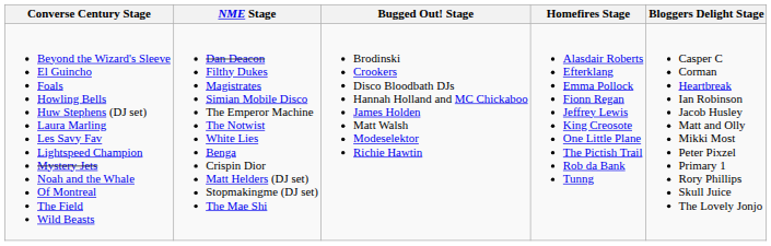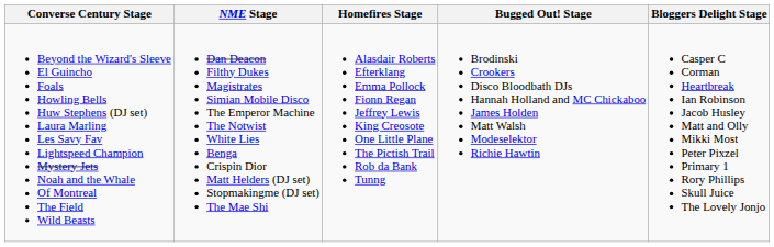 <table class="wikitable">
 <tr>
 <th>Converse Century Stage</th>
 <th><em><a href='#'>NME</a></em> Stage</th>
+<th>Homefires Stage</th>
 <th>Bugged Out! Stage</th>
-<th>Homefires Stage</th>
 <th>Bloggers Delight Stage</th>
 </tr>
 <tr valign="top">
 <td><br><ul><li><a href='#'>Beyond the Wizard's Sleeve</a></li><li><a href='#'>El Guincho</a></li><li><a href='#'>Foals</a></li><li><a href='#'>Howling Bells</a></li><li><a href='#'>Huw Stephens</a> (DJ set)</li><li><a href='#'>Laura Marling</a></li><li><a href='#'>Les Savy Fav</a></li><li><a href='#'>Lightspeed Champion</a></li><li><s><a href='#'>Mystery Jets</a></s></li><li><a href='#'>Noah and the Whale</a></li><li><a href='#'>Of Montreal</a></li><li><a href='#'>The Field</a></li><li><a href='#'>Wild Beasts</a></li></ul></td>
 <td><br><ul><li><s><a href='#'>Dan Deacon</a></s></li><li><a href='#'>Filthy Dukes</a></li><li><a href='#'>Magistrates</a></li><li><a href='#'>Simian Mobile Disco</a></li><li>The Emperor Machine</li><li><a href='#'>The Notwist</a></li><li><a href='#'>White Lies</a></li><li><a href='#'>Benga</a></li><li>Crispin Dior</li><li><a href='#'>Matt Helders</a> (DJ set)</li><li>Stopmakingme (DJ set)</li><li><a href='#'>The Mae Shi</a></li></ul></td>
+<td><br><ul><li><a href='#'>Alasdair Roberts</a></li><li><a href='#'>Efterklang</a></li><li><a href='#'>Emma Pollock</a></li><li><a href='#'>Fionn Regan</a></li><li><a href='#'>Jeffrey Lewis</a></li><li><a href='#'>King Creosote</a></li><li><a href='#'>One Little Plane</a></li><li><a href='#'>The Pictish Trail</a></li><li><a href='#'>Rob da Bank</a></li><li><a href='#'>Tunng</a></li></ul></td>
 <td><br><ul><li>Brodinski</li><li><a href='#'>Crookers</a></li><li>Disco Bloodbath DJs</li><li>Hannah Holland and <a href='#'>MC Chickaboo</a></li><li><a href='#'>James Holden</a></li><li>Matt Walsh</li><li><a href='#'>Modeselektor</a></li><li><a href='#'>Richie Hawtin</a></li></ul></td>
-<td><br><ul><li><a href='#'>Alasdair Roberts</a></li><li><a href='#'>Efterklang</a></li><li><a href='#'>Emma Pollock</a></li><li><a href='#'>Fionn Regan</a></li><li><a href='#'>Jeffrey Lewis</a></li><li><a href='#'>King Creosote</a></li><li><a href='#'>One Little Plane</a></li><li><a href='#'>The Pictish Trail</a></li><li><a href='#'>Rob da Bank</a></li><li><a href='#'>Tunng</a></li></ul></td>
 <td><br><ul><li>Casper C</li><li>Corman</li><li><a href='#'>Heartbreak</a></li><li>Ian Robinson</li><li>Jacob Husley</li><li>Matt and Olly</li><li>Mikki Most</li><li>Peter Pixzel</li><li>Primary 1</li><li>Rory Phillips</li><li>Skull Juice</li><li>The Lovely Jonjo</li></ul></td>
 </tr>
 </table>
